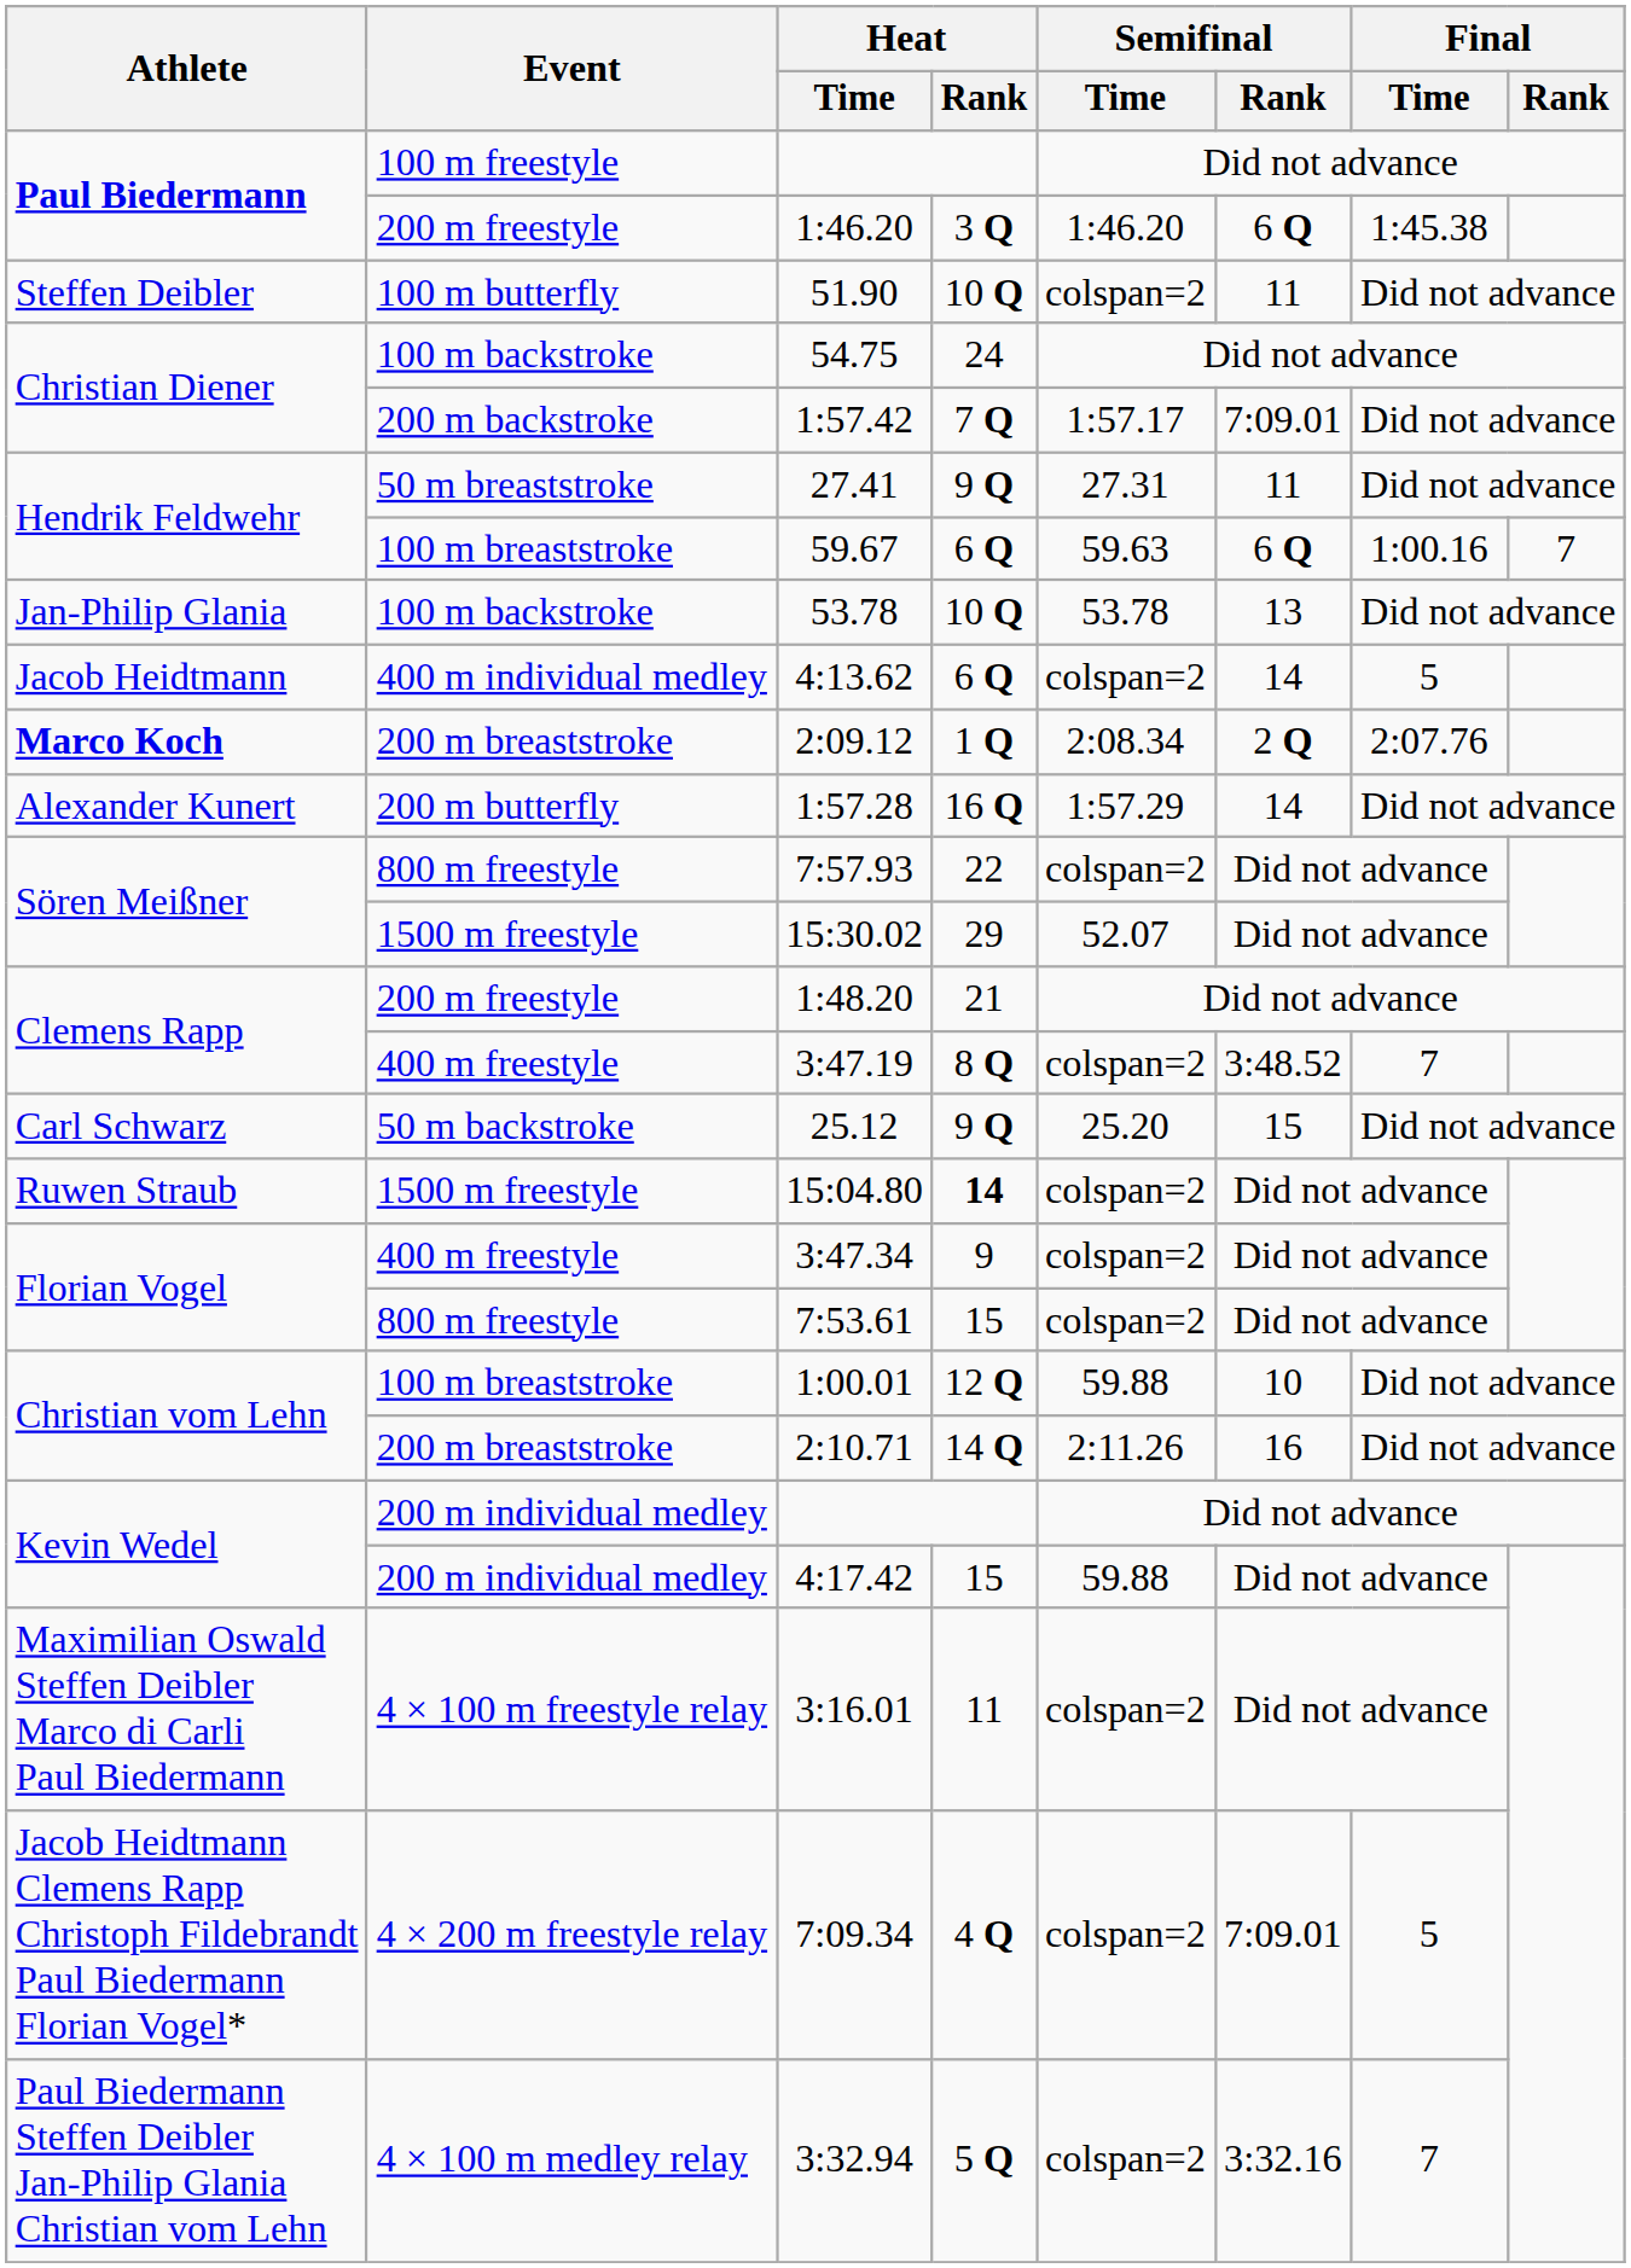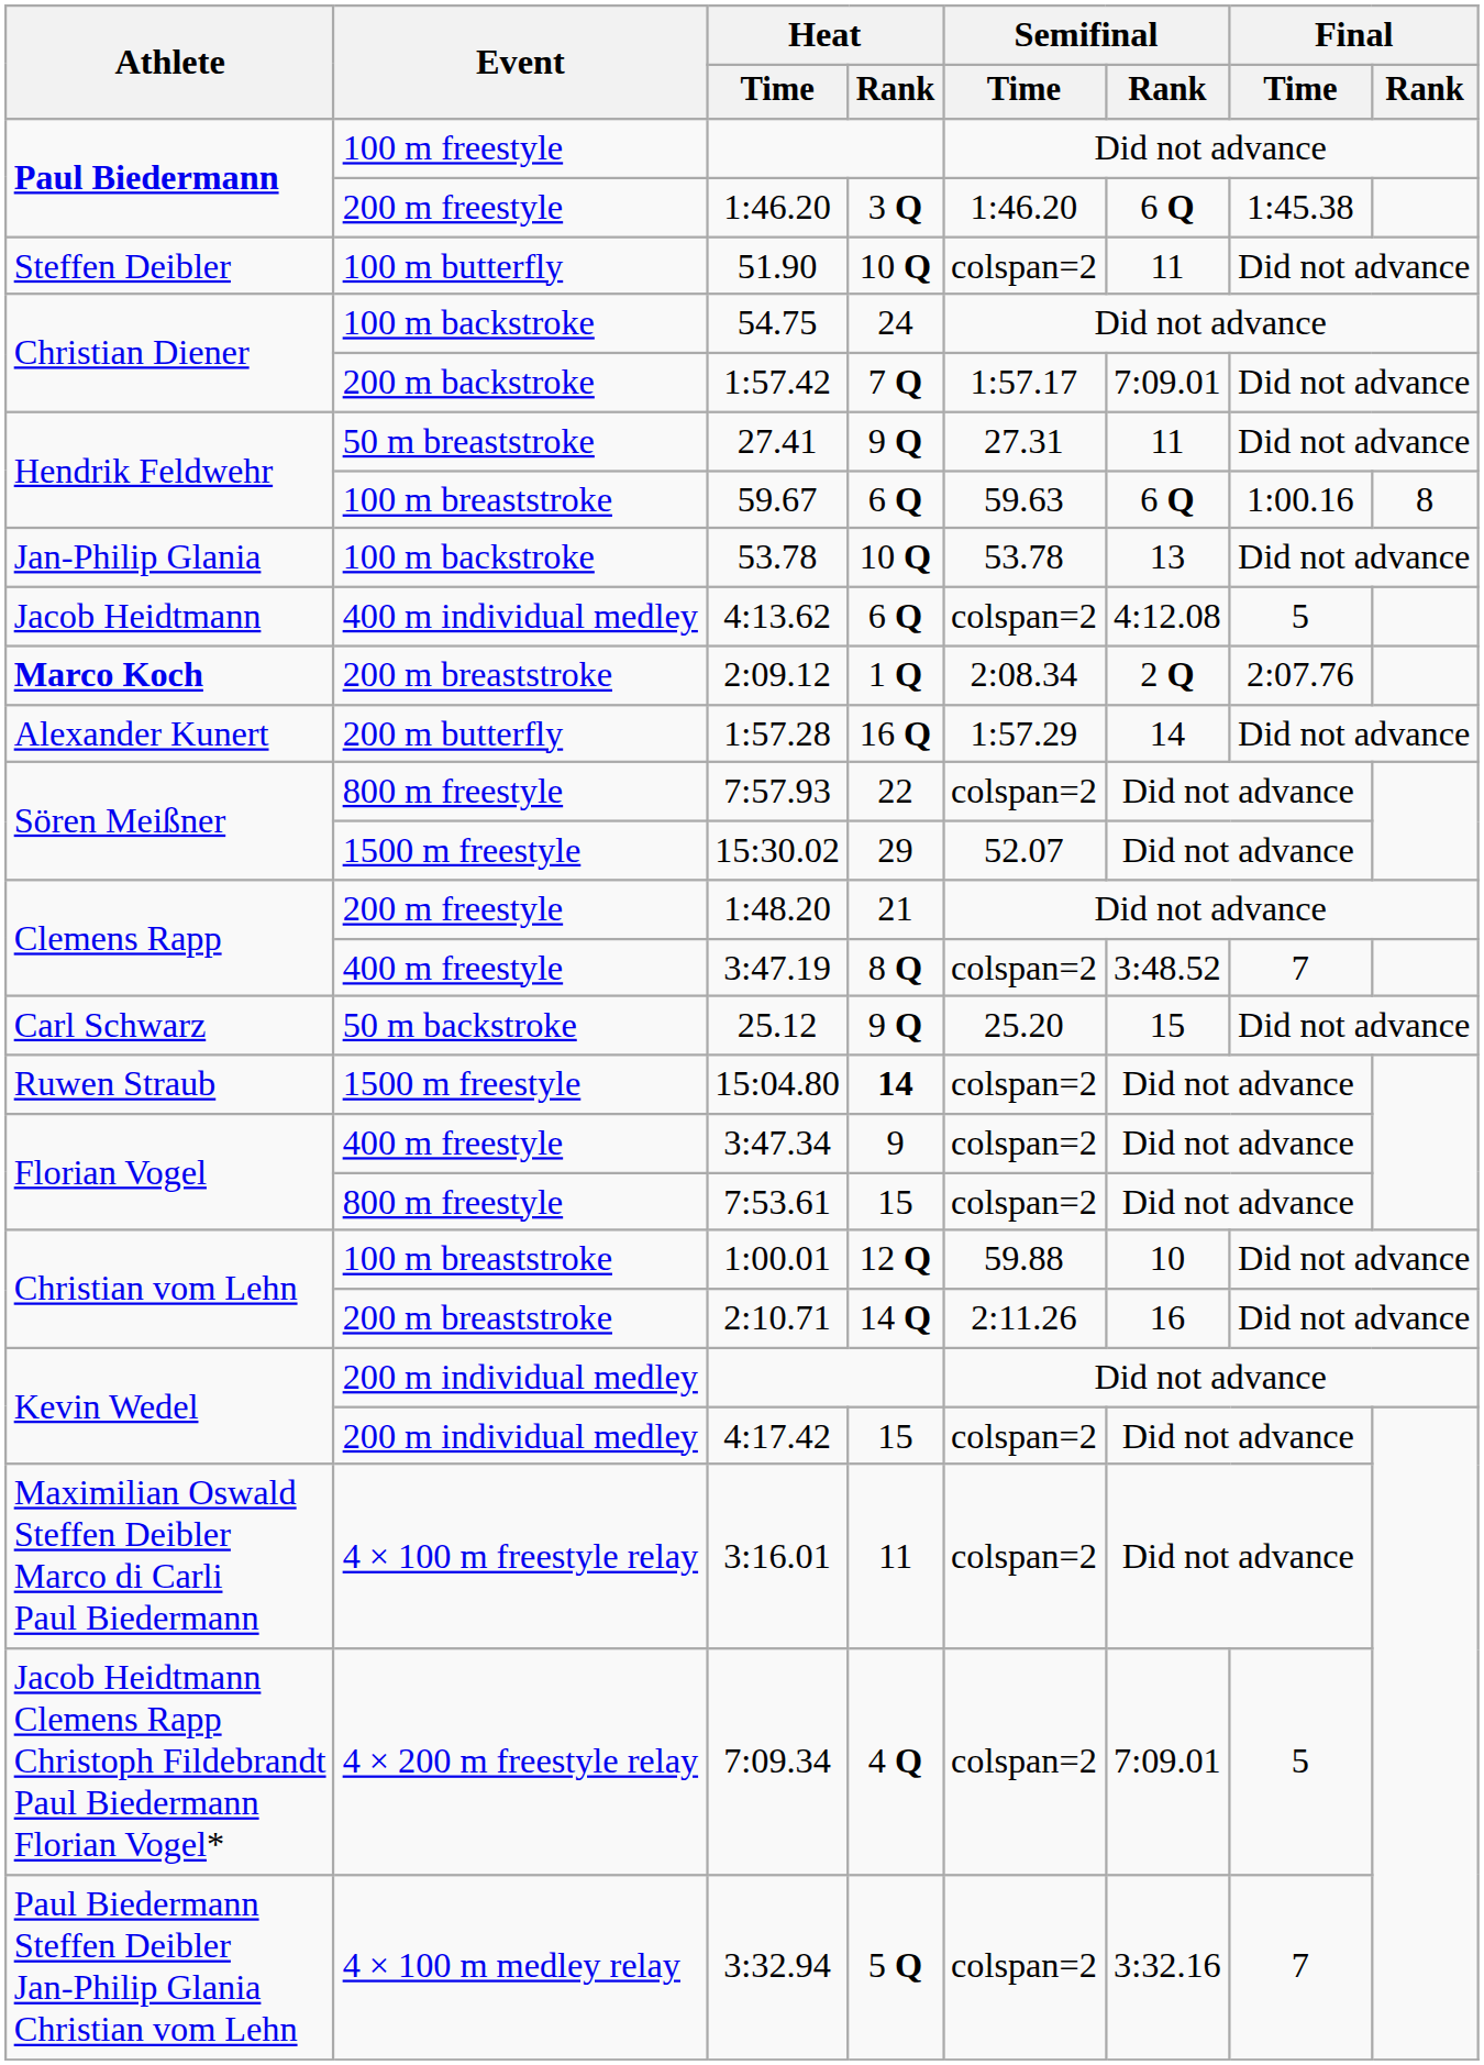 <table class=wikitable style="font-size:90%">
 <tr>
 <th rowspan="2">Athlete</th>
 <th rowspan="2">Event</th>
 <th colspan="2">Heat</th>
 <th colspan="2">Semifinal</th>
 <th colspan="2">Final</th>
 </tr>
 <tr style="font-size:95%">
 <th>Time</th>
 <th>Rank</th>
 <th>Time</th>
 <th>Rank</th>
 <th>Time</th>
 <th>Rank</th>
 </tr>
 <tr align=center>
 <td align=left rowspan=2><strong><a href='#'>Paul Biedermann</a></strong></td>
 <td align=left><a href='#'>100 m freestyle</a></td>
 <td colspan=2></td>
 <td colspan=4>Did not advance</td>
 </tr>
 <tr align=center>
 <td align=left><a href='#'>200 m freestyle</a></td>
 <td>1:46.20</td>
 <td>3 <strong>Q</strong></td>
 <td>1:46.20</td>
 <td>6 <strong>Q</strong></td>
 <td>1:45.38</td>
 <td></td>
 </tr>
 <tr align=center>
 <td align=left><a href='#'>Steffen Deibler</a></td>
 <td align=left><a href='#'>100 m butterfly</a></td>
 <td>51.90</td>
 <td>10 <strong>Q</strong></td>
 <td>colspan=2 </td>
 <td>11</td>
 <td colspan=2>Did not advance</td>
 </tr>
 <tr align=center>
 <td align=left rowspan=2><a href='#'>Christian Diener</a></td>
 <td align=left><a href='#'>100 m backstroke</a></td>
 <td>54.75</td>
 <td>24</td>
 <td colspan=4>Did not advance</td>
 </tr>
 <tr align=center>
 <td align=left><a href='#'>200 m backstroke</a></td>
 <td>1:57.42</td>
 <td>7 <strong>Q</strong></td>
 <td>1:57.17</td>
 <td>7:09.01</td>
 <td colspan=2>Did not advance</td>
 </tr>
 <tr align=center>
 <td align=left rowspan=2><a href='#'>Hendrik Feldwehr</a></td>
 <td align=left><a href='#'>50 m breaststroke</a></td>
 <td>27.41</td>
 <td>9 <strong>Q</strong></td>
 <td>27.31</td>
 <td>11</td>
 <td colspan=2>Did not advance</td>
 </tr>
 <tr align=center>
 <td align=left><a href='#'>100 m breaststroke</a></td>
 <td>59.67</td>
 <td>6 <strong>Q</strong></td>
 <td>59.63</td>
 <td>6 <strong>Q</strong></td>
 <td>1:00.16</td>
-<td>7</td>
+<td>8</td>
 </tr>
 <tr align=center>
 <td align=left><a href='#'>Jan-Philip Glania</a></td>
 <td align=left><a href='#'>100 m backstroke</a></td>
 <td>53.78</td>
 <td>10 <strong>Q</strong></td>
 <td>53.78</td>
 <td>13</td>
 <td colspan=2>Did not advance</td>
 </tr>
 <tr align=center>
 <td align=left><a href='#'>Jacob Heidtmann</a></td>
 <td align=left><a href='#'>400 m individual medley</a></td>
 <td>4:13.62</td>
 <td>6 <strong>Q</strong></td>
 <td>colspan=2 </td>
-<td>14</td>
+<td>4:12.08</td>
 <td>5</td>
 </tr>
 <tr align=center>
 <td align=left><strong><a href='#'>Marco Koch</a></strong></td>
 <td align=left><a href='#'>200 m breaststroke</a></td>
 <td>2:09.12</td>
 <td>1 <strong>Q</strong></td>
 <td>2:08.34</td>
 <td>2 <strong>Q</strong></td>
 <td>2:07.76</td>
 <td></td>
 </tr>
 <tr align=center>
 <td align=left><a href='#'>Alexander Kunert</a></td>
 <td align=left><a href='#'>200 m butterfly</a></td>
 <td>1:57.28</td>
 <td>16 <strong>Q</strong></td>
 <td>1:57.29</td>
 <td>14</td>
 <td colspan=2>Did not advance</td>
 </tr>
 <tr align=center>
 <td align=left rowspan=2><a href='#'>Sören Meißner</a></td>
 <td align=left><a href='#'>800 m freestyle</a></td>
 <td>7:57.93</td>
 <td>22</td>
 <td>colspan=2 </td>
 <td colspan=2>Did not advance</td>
 </tr>
 <tr align=center>
 <td align=left><a href='#'>1500 m freestyle</a></td>
 <td>15:30.02</td>
 <td>29</td>
 <td>52.07</td>
 <td colspan=2>Did not advance</td>
 </tr>
 <tr align=center>
 <td align=left rowspan=2><a href='#'>Clemens Rapp</a></td>
 <td align=left><a href='#'>200 m freestyle</a></td>
 <td>1:48.20</td>
 <td>21</td>
 <td colspan=4>Did not advance</td>
 </tr>
 <tr align=center>
 <td align=left><a href='#'>400 m freestyle</a></td>
 <td>3:47.19</td>
 <td>8 <strong>Q</strong></td>
 <td>colspan=2 </td>
 <td>3:48.52</td>
 <td>7</td>
 </tr>
 <tr align=center>
 <td align=left><a href='#'>Carl Schwarz</a></td>
 <td align=left><a href='#'>50 m backstroke</a></td>
 <td>25.12</td>
 <td>9 <strong>Q</strong></td>
 <td>25.20</td>
 <td>15</td>
 <td colspan=2>Did not advance</td>
 </tr>
 <tr align=center>
 <td align=left><a href='#'>Ruwen Straub</a></td>
 <td align=left><a href='#'>1500 m freestyle</a></td>
 <td>15:04.80</td>
 <td><strong>14</strong></td>
 <td>colspan=2 </td>
 <td colspan=2>Did not advance</td>
 </tr>
 <tr align=center>
 <td align=left rowspan=2><a href='#'>Florian Vogel</a></td>
 <td align=left><a href='#'>400 m freestyle</a></td>
 <td>3:47.34</td>
 <td>9</td>
 <td>colspan=2 </td>
 <td colspan=2>Did not advance</td>
 </tr>
 <tr align=center>
 <td align=left><a href='#'>800 m freestyle</a></td>
 <td>7:53.61</td>
 <td>15</td>
 <td>colspan=2 </td>
 <td colspan=2>Did not advance</td>
 </tr>
 <tr align=center>
 <td align=left rowspan=2><a href='#'>Christian vom Lehn</a></td>
 <td align=left><a href='#'>100 m breaststroke</a></td>
 <td>1:00.01</td>
 <td>12 <strong>Q</strong></td>
 <td>59.88</td>
 <td>10</td>
 <td colspan=2>Did not advance</td>
 </tr>
 <tr align=center>
 <td align=left><a href='#'>200 m breaststroke</a></td>
 <td>2:10.71</td>
 <td>14 <strong>Q</strong></td>
 <td>2:11.26</td>
 <td>16</td>
 <td colspan=2>Did not advance</td>
 </tr>
 <tr align=center>
 <td align=left rowspan=2><a href='#'>Kevin Wedel</a></td>
 <td align=left><a href='#'>200 m individual medley</a></td>
 <td colspan=2></td>
 <td colspan=4>Did not advance</td>
 </tr>
 <tr align=center>
 <td align=left><a href='#'>200 m individual medley</a></td>
 <td>4:17.42</td>
 <td>15</td>
-<td>59.88</td>
+<td>colspan=2 </td>
 <td colspan=2>Did not advance</td>
 </tr>
 <tr align=center>
 <td align=left><a href='#'>Maximilian Oswald</a><br><a href='#'>Steffen Deibler</a><br><a href='#'>Marco di Carli</a><br><a href='#'>Paul Biedermann</a></td>
 <td align=left><a href='#'>4 × 100 m freestyle relay</a></td>
 <td>3:16.01</td>
 <td>11</td>
 <td>colspan=2 </td>
 <td colspan=2>Did not advance</td>
 </tr>
 <tr align=center>
 <td align=left><a href='#'>Jacob Heidtmann</a><br><a href='#'>Clemens Rapp</a><br><a href='#'>Christoph Fildebrandt</a><br><a href='#'>Paul Biedermann</a><br><a href='#'>Florian Vogel</a>*</td>
 <td align=left><a href='#'>4 × 200 m freestyle relay</a></td>
 <td>7:09.34</td>
 <td>4 <strong>Q</strong></td>
 <td>colspan=2 </td>
 <td>7:09.01</td>
 <td>5</td>
 </tr>
 <tr align=center>
 <td align=left><a href='#'>Paul Biedermann</a><br><a href='#'>Steffen Deibler</a><br><a href='#'>Jan-Philip Glania</a><br><a href='#'>Christian vom Lehn</a></td>
 <td align=left><a href='#'>4 × 100 m medley relay</a></td>
 <td>3:32.94</td>
 <td>5 <strong>Q</strong></td>
 <td>colspan=2 </td>
 <td>3:32.16</td>
 <td>7</td>
 </tr>
 </table>
